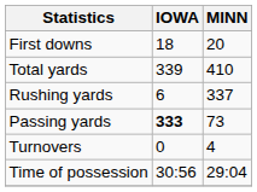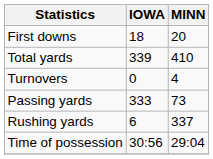 <table class="wikitable">
 <tr>
 <th>Statistics</th>
 <th>IOWA</th>
 <th>MINN</th>
 </tr>
 <tr>
 <td>First downs</td>
 <td>18</td>
 <td>20</td>
 </tr>
 <tr>
 <td>Total yards</td>
 <td>339</td>
 <td>410</td>
 </tr>
 <tr>
+<td>Turnovers</td>
+<td>0</td>
+<td>4</td>
+</tr>
+<tr>
+<td>Passing yards</td>
+<td>333</td>
+<td>73</td>
+</tr>
+<tr>
 <td>Rushing yards</td>
 <td>6</td>
 <td>337</td>
-</tr>
-<tr>
-<td>Passing yards</td>
-<td><strong>333</strong></td>
-<td>73</td>
-</tr>
-<tr>
-<td>Turnovers</td>
-<td>0</td>
-<td>4</td>
 </tr>
 <tr>
 <td>Time of possession</td>
 <td>30:56</td>
 <td>29:04</td>
 </tr>
 <tr>
 </tr>
 </table>
